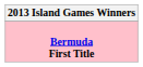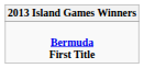 <table class="wikitable" style="text-align: center; margin: 0 auto;">
 <tr>
 <th>2013 Island Games Winners</th>
 </tr>
 <tr>
 </tr>
 <tr>
-<td style="background: pink;"><br><strong><a href='#'>Bermuda</a></strong><br><strong>First Title</strong></td>
+<td><br><strong><a href='#'>Bermuda</a></strong><br><strong>First Title</strong></td>
 </tr>
 </table>
